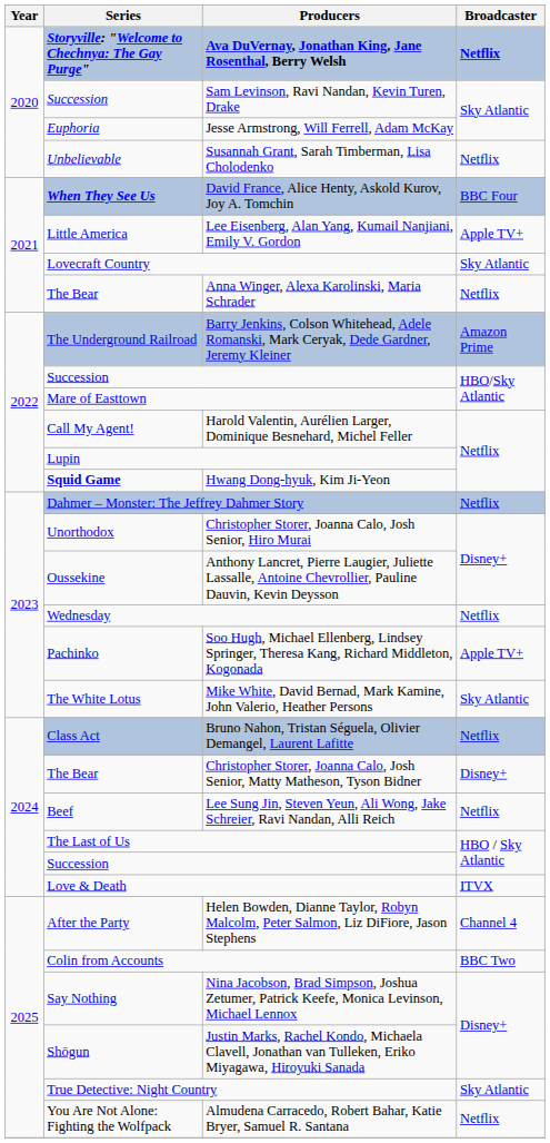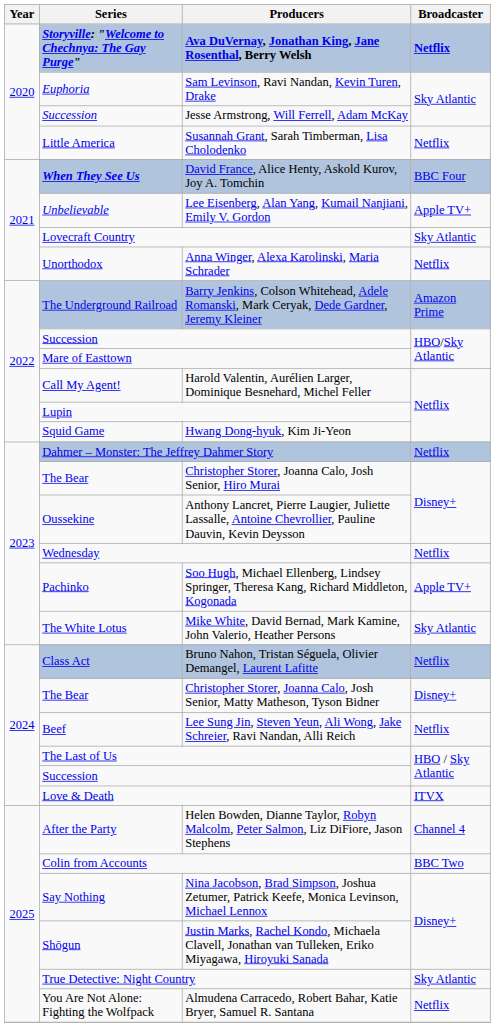 <table class="wikitable" style="width:100%">
 <tr bgcolor="#CCCCCC" align="center">
 <th width="5%">Year</th>
 <th width="25%">Series</th>
 <th width="40%">Producers</th>
 <th width="10%">Broadcaster</th>
 </tr>
 <tr>
 <td rowspan="4" style="text-align:center;"><a href='#'>2020</a><br></td>
 <td style="background:#B0C4DE;"><strong><em><a href='#'>Storyville</a><em>: "<a href='#'>Welcome to Chechnya: The Gay Purge</a>"<strong></td>
 <td style="background:#B0C4DE;"><strong><a href='#'>Ava DuVernay</a>, <a href='#'>Jonathan King</a>, <a href='#'>Jane Rosenthal</a>, Berry Welsh</strong></td>
 <td style="background:#B0C4DE;"><strong><a href='#'>Netflix</a></strong></td>
 </tr>
 <tr>
-<td><em><a href='#'>Succession</a></em></td>
+<td><em><a href='#'>Euphoria</a></em></td>
 <td><a href='#'>Sam Levinson</a>, Ravi Nandan, <a href='#'>Kevin Turen</a>, <a href='#'>Drake</a></td>
 <td rowspan=2><a href='#'>Sky Atlantic</a></td>
 </tr>
 <tr>
-<td><em><a href='#'>Euphoria</a></em></td>
+<td><em><a href='#'>Succession</a></em></td>
 <td>Jesse Armstrong, <a href='#'>Will Ferrell</a>, <a href='#'>Adam McKay</a></td>
 </tr>
 <tr>
-<td><em><a href='#'>Unbelievable</a></em></td>
+<td></em><a href='#'>Little America</a><em></td>
 <td><a href='#'>Susannah Grant</a>, Sarah Timberman, <a href='#'>Lisa Cholodenko</a></td>
 <td><a href='#'>Netflix</a></td>
 </tr>
 <tr>
 <td rowspan="4" style="text-align:center;"><a href='#'>2021</a><br></td>
 <td style="background:#B0C4DE;"><strong><em><a href='#'>When They See Us</a></em></strong></td>
 <td style="background:#B0C4DE;"></strong><a href='#'>David France</a>, Alice Henty, Askold Kurov, Joy A. Tomchin<strong></td>
 <td style="background:#B0C4DE;"></strong><a href='#'>BBC Four</a><strong></td>
 </tr>
 <tr>
-<td></em><a href='#'>Little America</a><em></td>
+<td><em><a href='#'>Unbelievable</a></em></td>
 <td><a href='#'>Lee Eisenberg</a>, <a href='#'>Alan Yang</a>, <a href='#'>Kumail Nanjiani</a>, <a href='#'>Emily V. Gordon</a></td>
 <td><a href='#'>Apple TV+</a></td>
 </tr>
 <tr>
 <td colspan="2"></em><a href='#'>Lovecraft Country</a><em></td>
 <td><a href='#'>Sky Atlantic</a></td>
 </tr>
 <tr>
-<td></em><a href='#'>The Bear</a><em></td>
+<td></em><a href='#'>Unorthodox</a><em></td>
 <td><a href='#'>Anna Winger</a>, <a href='#'>Alexa Karolinski</a>, <a href='#'>Maria Schrader</a></td>
 <td><a href='#'>Netflix</a></td>
 </tr>
 <tr>
 <td rowspan="6" style="text-align:center;"><a href='#'>2022</a><br></td>
 <td style="background:#B0C4DE;"></em></strong><a href='#'>The Underground Railroad</a><strong><em></td>
 <td style="background:#B0C4DE;"></strong><a href='#'>Barry Jenkins</a>, Colson Whitehead, <a href='#'>Adele Romanski</a>, Mark Ceryak, <a href='#'>Dede Gardner</a>, <a href='#'>Jeremy Kleiner</a><strong></td>
 <td style="background:#B0C4DE;"></strong><a href='#'>Amazon Prime</a><strong></td>
 </tr>
 <tr>
 <td colspan="2"></em><a href='#'>Succession</a><em></td>
 <td rowspan="2"><a href='#'>HBO</a>/<a href='#'>Sky Atlantic</a></td>
 </tr>
 <tr>
 <td colspan="2"></em><a href='#'>Mare of Easttown</a><em></td>
 </tr>
 <tr>
 <td></em><a href='#'>Call My Agent!</a><em></td>
 <td>Harold Valentin, Aurélien Larger, Dominique Besnehard, Michel Feller</td>
 <td rowspan="3"><a href='#'>Netflix</a></td>
 </tr>
 <tr>
 <td colspan="2"></em><a href='#'>Lupin</a><em></td>
 </tr>
 <tr>
-<td><strong></em><a href='#'>Squid Game</a><em></strong></td>
+<td></em><a href='#'>Squid Game</a><em></td>
 <td><a href='#'>Hwang Dong-hyuk</a>, Kim Ji-Yeon</td>
 </tr>
 <tr>
 <td rowspan="6" style="text-align:center;"><a href='#'>2023</a><br></td>
 <td colspan="2" style="background:#B0C4DE;"></em></strong><a href='#'>Dahmer – Monster: The Jeffrey Dahmer Story</a><strong><em></td>
 <td style="background:#B0C4DE;"></strong><a href='#'>Netflix</a><strong></td>
 </tr>
 <tr>
-<td></em><a href='#'>Unorthodox</a><em></td>
+<td></em><a href='#'>The Bear</a><em></td>
 <td><a href='#'>Christopher Storer</a>, Joanna Calo, Josh Senior, <a href='#'>Hiro Murai</a></td>
 <td rowspan="2"><a href='#'>Disney+</a></td>
 </tr>
 <tr>
 <td></em><a href='#'>Oussekine</a><em></td>
 <td>Anthony Lancret, Pierre Laugier, Juliette Lassalle, <a href='#'>Antoine Chevrollier</a>, Pauline Dauvin, Kevin Deysson</td>
 </tr>
 <tr>
 <td colspan="2"></em><a href='#'>Wednesday</a><em></td>
 <td><a href='#'>Netflix</a></td>
 </tr>
 <tr>
 <td></em><a href='#'>Pachinko</a><em></td>
 <td><a href='#'>Soo Hugh</a>, Michael Ellenberg, Lindsey Springer, Theresa Kang, Richard Middleton, <a href='#'>Kogonada</a></td>
 <td><a href='#'>Apple TV+</a></td>
 </tr>
 <tr>
 <td></em><a href='#'>The White Lotus</a><em></td>
 <td><a href='#'>Mike White</a>, David Bernad, Mark Kamine, John Valerio, Heather Persons</td>
 <td><a href='#'>Sky Atlantic</a></td>
 </tr>
 <tr>
 <td rowspan="6" style="text-align:center;"><a href='#'>2024</a><br></td>
 <td style="background:#B0C4DE;"></em></strong><a href='#'>Class Act</a><strong><em></td>
 <td style="background:#B0C4DE;"></strong>Bruno Nahon, Tristan Séguela, Olivier Demangel, <a href='#'>Laurent Lafitte</a><strong></td>
 <td style="background:#B0C4DE;"></strong><a href='#'>Netflix</a><strong></td>
 </tr>
 <tr>
 <td></em><a href='#'>The Bear</a><em></td>
 <td><a href='#'>Christopher Storer</a>, <a href='#'>Joanna Calo</a>, Josh Senior, Matty Matheson, Tyson Bidner</td>
 <td><a href='#'>Disney+</a></td>
 </tr>
 <tr>
 <td></em><a href='#'>Beef</a><em></td>
 <td><a href='#'>Lee Sung Jin</a>, <a href='#'>Steven Yeun</a>, <a href='#'>Ali Wong</a>, <a href='#'>Jake Schreier</a>, Ravi Nandan, Alli Reich</td>
 <td><a href='#'>Netflix</a></td>
 </tr>
 <tr>
 <td colspan="2"></em><a href='#'>The Last of Us</a><em></td>
 <td rowspan="2"><a href='#'>HBO</a> / <a href='#'>Sky Atlantic</a></td>
 </tr>
 <tr>
 <td colspan="2"></em><a href='#'>Succession</a><em></td>
 </tr>
 <tr>
 <td colspan="2"></em><a href='#'>Love & Death</a><em></td>
 <td><a href='#'>ITVX</a></td>
 </tr>
 <tr>
 <td rowspan="6" style="text-align:center;"><a href='#'>2025</a><br></td>
 <td></em><a href='#'>After the Party</a><em></td>
 <td>Helen Bowden, Dianne Taylor, <a href='#'>Robyn Malcolm</a>, <a href='#'>Peter Salmon</a>, Liz DiFiore, Jason Stephens</td>
 <td><a href='#'>Channel 4</a></td>
 </tr>
 <tr>
 <td colspan="2"></em><a href='#'>Colin from Accounts</a><em></td>
 <td><a href='#'>BBC Two</a></td>
 </tr>
 <tr>
 <td></em><a href='#'>Say Nothing</a><em></td>
 <td><a href='#'>Nina Jacobson</a>, <a href='#'>Brad Simpson</a>, Joshua Zetumer, Patrick Keefe, Monica Levinson, <a href='#'>Michael Lennox</a></td>
 <td rowspan="2"><a href='#'>Disney+</a></td>
 </tr>
 <tr>
 <td></em><a href='#'>Shōgun</a><em></td>
 <td><a href='#'>Justin Marks</a>, <a href='#'>Rachel Kondo</a>, Michaela Clavell, Jonathan van Tulleken, Eriko Miyagawa, <a href='#'>Hiroyuki Sanada</a></td>
 </tr>
 <tr>
 <td colspan="2"></em><a href='#'>True Detective: Night Country</a><em></td>
 <td><a href='#'>Sky Atlantic</a></td>
 </tr>
 <tr>
 <td></em>You Are Not Alone: Fighting the Wolfpack<em></td>
 <td>Almudena Carracedo, Robert Bahar, Katie Bryer, Samuel R. Santana</td>
 <td><a href='#'>Netflix</a></td>
 </tr>
 <tr>
 </tr>
 </table>
